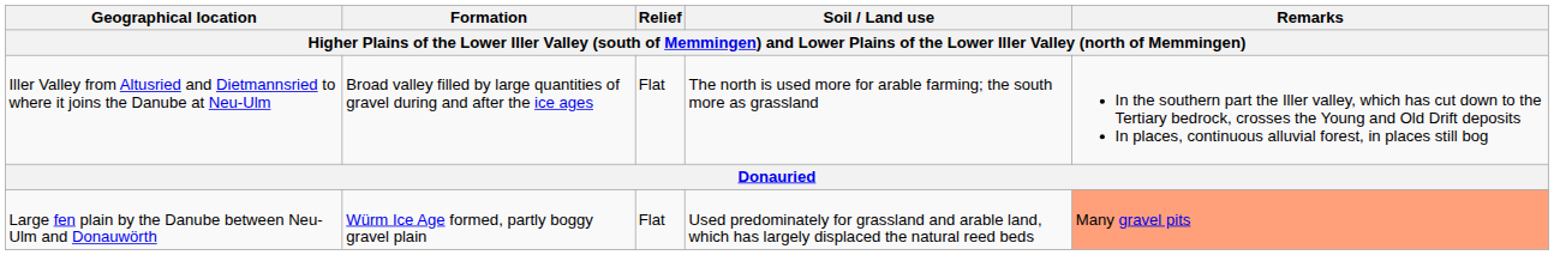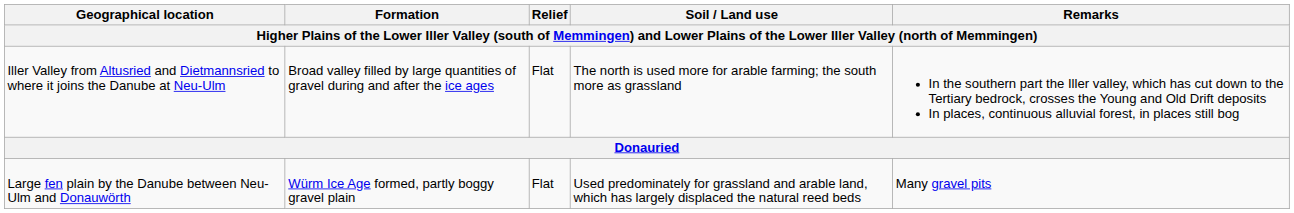 <table class="wikitable">
 <tr>
 <th>Geographical location</th>
 <th>Formation</th>
 <th>Relief</th>
 <th>Soil / Land use</th>
 <th>Remarks</th>
 </tr>
 <tr>
 <th colspan="5" align="middle"><strong>Higher Plains of the Lower Iller Valley</strong> (south of <a href='#'>Memmingen</a>) and <strong>Lower Plains of the Lower Iller Valley</strong> (north of Memmingen)</th>
 </tr>
 <tr valign="top">
 <td><br>Iller Valley from <a href='#'>Altusried</a> and <a href='#'>Dietmannsried</a> to where it joins the Danube at <a href='#'>Neu-Ulm</a></td>
 <td><br>Broad valley filled by large quantities of gravel during and after the <a href='#'>ice ages</a></td>
 <td><br>Flat</td>
 <td><br>The north is used more for arable farming; the south more as grassland</td>
 <td><br><ul><li>In the southern part the Iller valley, which has cut down to the Tertiary bedrock, crosses the Young and Old Drift deposits</li><li>In places, continuous alluvial forest, in places still bog</li></ul></td>
 </tr>
 <tr>
 <th colspan="5" align="middle"><strong><a href='#'>Donauried</a></strong></th>
 </tr>
 <tr valign="top">
 <td><br>Large <a href='#'>fen</a> plain by the Danube between Neu-Ulm and <a href='#'>Donauwörth</a></td>
 <td><br><a href='#'>Würm Ice Age</a> formed, partly boggy gravel plain</td>
 <td><br>Flat</td>
 <td><br>Used predominately for grassland and arable land, which has largely displaced the natural reed beds</td>
-<td style="background: lightsalmon;"><br>Many <a href='#'>gravel pits</a></td>
+<td><br>Many <a href='#'>gravel pits</a></td>
 </tr>
 </table>
